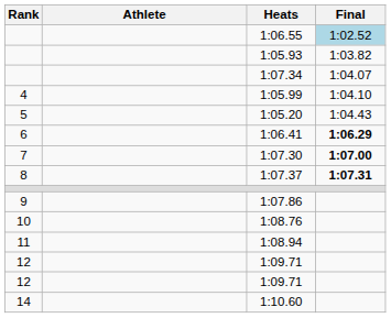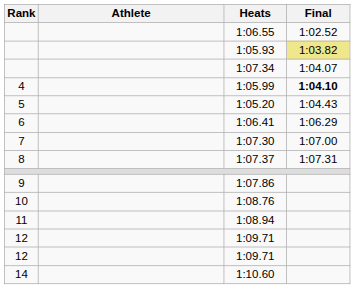 <table class=wikitable style="text-align:center">
 <tr>
 <th width=40>Rank</th>
 <th width=250>Athlete</th>
 <th width=80>Heats</th>
 <th width=80>Final</th>
 </tr>
 <tr>
 <td></td>
 <td align=left></td>
 <td>1:06.55</td>
-<td style="background: lightblue;">1:02.52</td>
+<td>1:02.52</td>
 </tr>
 <tr>
 <td></td>
 <td align=left></td>
 <td>1:05.93</td>
-<td>1:03.82</td>
+<td style="background: khaki;">1:03.82</td>
 </tr>
 <tr>
 <td></td>
 <td align=left></td>
 <td>1:07.34</td>
 <td>1:04.07</td>
 </tr>
 <tr>
 <td>4</td>
 <td align=left></td>
 <td>1:05.99</td>
-<td>1:04.10</td>
+<td><strong>1:04.10</strong></td>
 </tr>
 <tr>
 <td>5</td>
 <td align=left></td>
 <td>1:05.20</td>
 <td>1:04.43</td>
 </tr>
 <tr>
 <td>6</td>
 <td align=left></td>
 <td>1:06.41</td>
-<td><strong>1:06.29</strong></td>
+<td>1:06.29</td>
 </tr>
 <tr>
 <td>7</td>
 <td align=left></td>
 <td>1:07.30</td>
-<td><strong>1:07.00</strong></td>
+<td>1:07.00</td>
 </tr>
 <tr>
 <td>8</td>
 <td align=left></td>
 <td>1:07.37</td>
-<td><strong>1:07.31</strong></td>
+<td>1:07.31</td>
 </tr>
 <tr bgcolor=#DDDDDD>
 <td colspan=4></td>
 </tr>
 <tr>
 <td>9</td>
 <td align=left></td>
 <td>1:07.86</td>
 <td></td>
 </tr>
 <tr>
 <td>10</td>
 <td align=left></td>
 <td>1:08.76</td>
 <td></td>
 </tr>
 <tr>
 <td>11</td>
 <td align=left></td>
 <td>1:08.94</td>
 <td></td>
 </tr>
 <tr>
 <td>12</td>
 <td align=left></td>
 <td>1:09.71</td>
 <td></td>
 </tr>
 <tr>
 <td>12</td>
 <td align=left></td>
 <td>1:09.71</td>
 <td></td>
 </tr>
 <tr>
 <td>14</td>
 <td align=left></td>
 <td>1:10.60</td>
 <td></td>
 </tr>
 </table>
